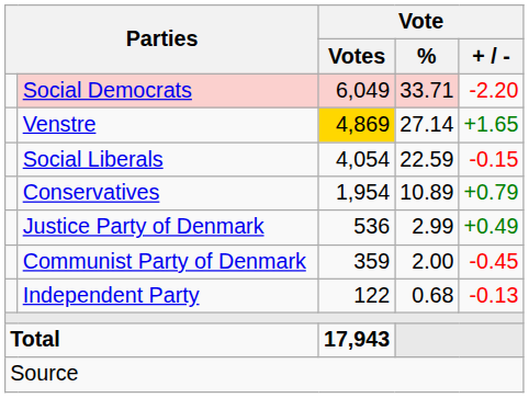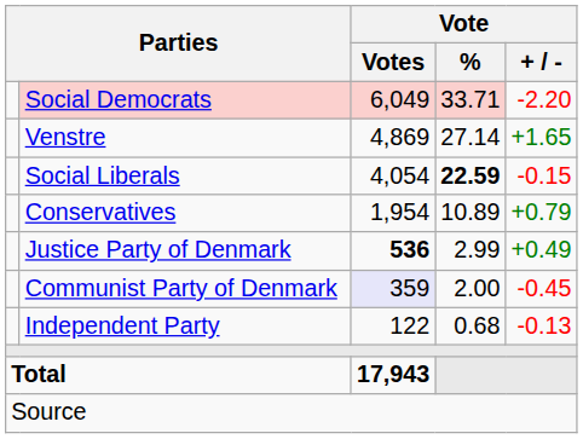 <table class="wikitable" style="text-align:right;">
 <tr>
 <th style="text-align:centre;" rowspan="2" colspan="2" width="225">Parties</th>
 <th colspan="3">Vote</th>
 </tr>
 <tr>
 <th width="15">Votes</th>
 <th width="15">%</th>
 <th width="15">+ / -</th>
 </tr>
 <tr>
 <td width="2" style="color:inherit;background:"></td>
 <td bgcolor=#fbd0ce  align="left"><a href='#'>Social Democrats</a></td>
 <td bgcolor=#fbd0ce>6,049</td>
 <td bgcolor=#fbd0ce>33.71</td>
 <td style=color:red;>-2.20</td>
 </tr>
 <tr>
 <td width="2" style="color:inherit;background:"></td>
 <td align="left"><a href='#'>Venstre</a></td>
-<td style="background: gold;">4,869</td>
+<td>4,869</td>
 <td>27.14</td>
 <td style=color:green;>+1.65</td>
 </tr>
 <tr>
 <td width="2" style="color:inherit;background:"></td>
 <td align="left"><a href='#'>Social Liberals</a></td>
 <td>4,054</td>
-<td>22.59</td>
+<td><strong>22.59</strong></td>
 <td style=color:red;>-0.15</td>
 </tr>
 <tr>
 <td width="2" style="color:inherit;background:"></td>
 <td align="left"><a href='#'>Conservatives</a></td>
 <td>1,954</td>
 <td>10.89</td>
 <td style=color:green;>+0.79</td>
 </tr>
 <tr>
 <td width="2" style="color:inherit;background:"></td>
 <td align="left"><a href='#'>Justice Party of Denmark</a></td>
-<td>536</td>
+<td><strong>536</strong></td>
 <td>2.99</td>
 <td style=color:green;>+0.49</td>
 </tr>
 <tr>
 <td width="2" style="color:inherit;background:"></td>
 <td align="left"><a href='#'>Communist Party of Denmark</a></td>
-<td>359</td>
+<td style="background: lavender;">359</td>
 <td>2.00</td>
 <td style=color:red;>-0.45</td>
 </tr>
 <tr>
 <td width="2" style="color:inherit;background:"></td>
 <td align="left"><a href='#'>Independent Party</a></td>
 <td>122</td>
 <td>0.68</td>
 <td style=color:red;>-0.13</td>
 </tr>
 <tr>
 <td colspan="7" bgcolor="#E9E9E9"></td>
 </tr>
 <tr>
 <td align="left" colspan="2"><strong>Total</strong></td>
 <td><strong>17,943</strong></td>
 <td bgcolor="#E9E9E9" colspan="2"></td>
 </tr>
 <tr>
 <td align="left" colspan="6">Source</td>
 </tr>
 </table>
